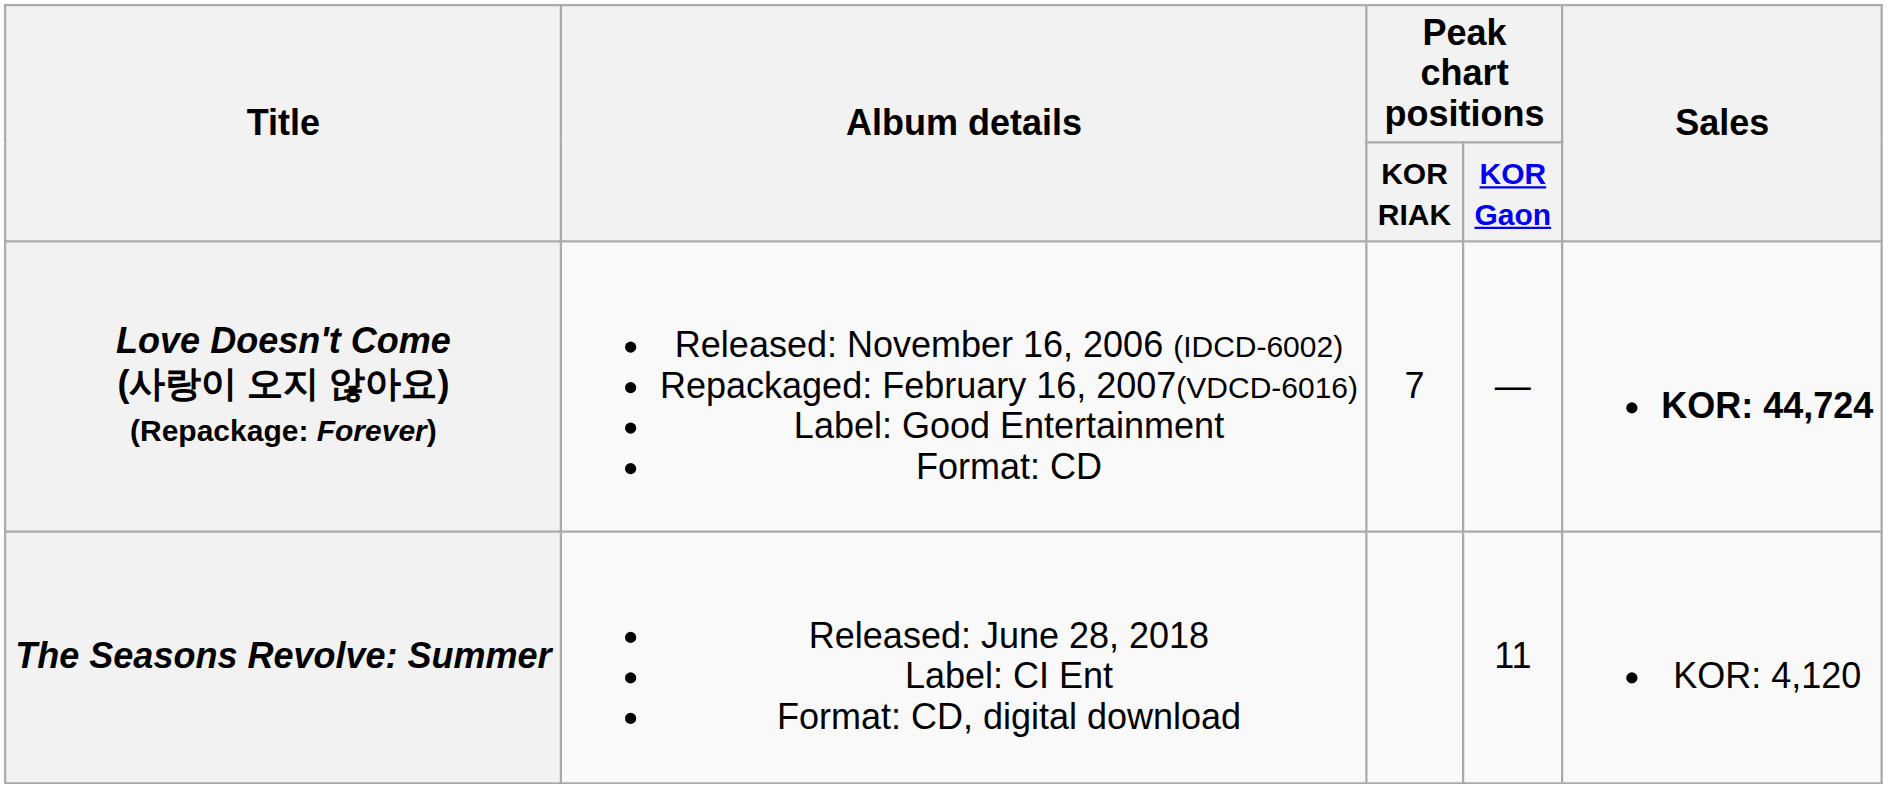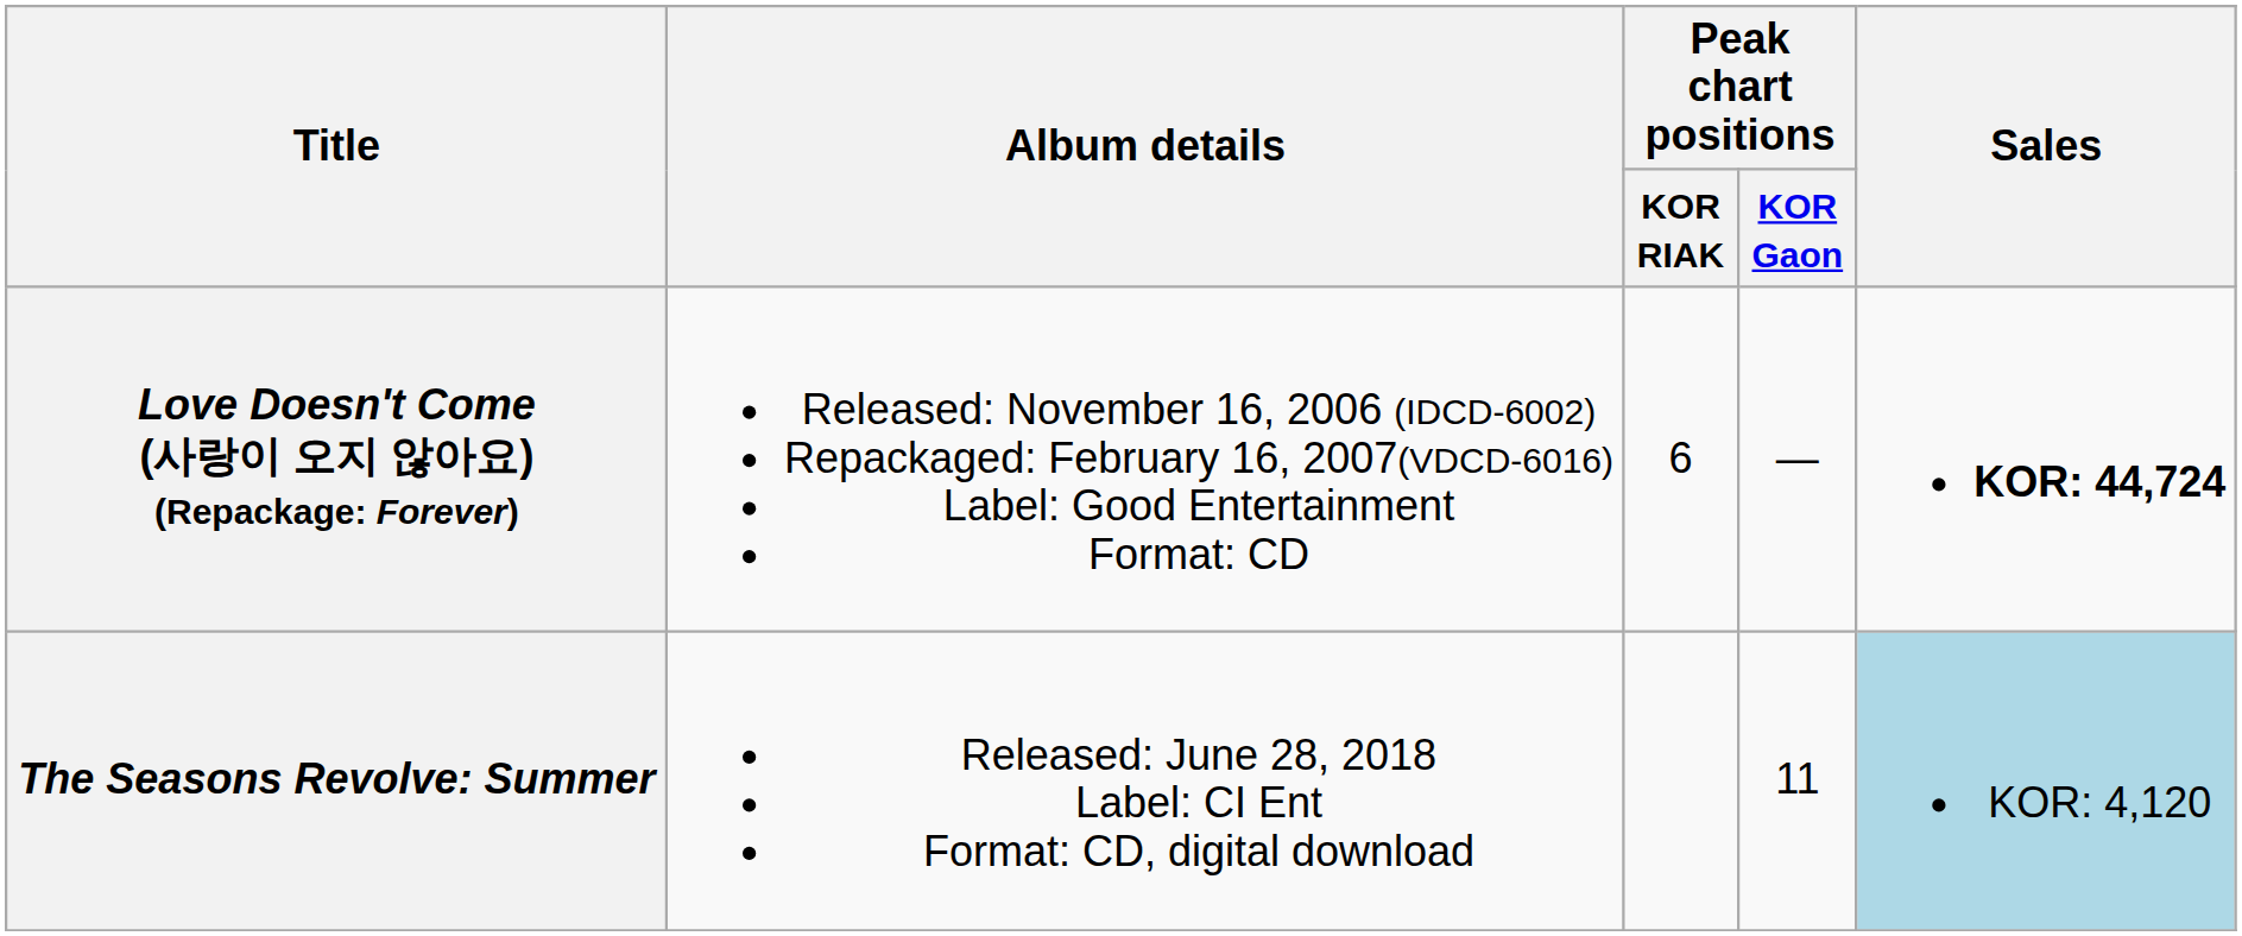 <table class="wikitable plainrowheaders" style="text-align:center;">
 <tr>
 <th scope="col" rowspan="2" style="width:15em;">Title</th>
 <th scope="col" rowspan="2">Album details</th>
 <th colspan="2" scope="col" style="width:5em;">Peak chart positions</th>
 <th scope="col" rowspan="2">Sales</th>
 </tr>
 <tr>
 <th><small>KOR<br>RIAK</small><br></th>
 <th><small><a href='#'>KOR<br>Gaon</a></small><br></th>
 </tr>
 <tr>
 <th scope="row"><em>Love Doesn't Come</em><br>(사랑이 오지 않아요)<br><small>(Repackage: <em>Forever</em>)</small></th>
 <td><br><ul><li>Released: November 16, 2006 <small>(IDCD-6002)</small></li><li>Repackaged: February 16, 2007<small>(VDCD-6016)</small></li><li>Label: Good Entertainment</li><li>Format: CD</li></ul></td>
-<td>7</td>
+<td>6</td>
 <td>—</td>
 <td><strong><br><ul><li>KOR: 44,724</li></ul></strong></td>
 </tr>
 <tr>
 <th scope="row"><em>The Seasons Revolve: Summer</em></th>
 <td><br><ul><li>Released: June 28, 2018</li><li>Label: CI Ent</li><li>Format: CD, digital download</li></ul></td>
 <td></td>
 <td>11</td>
-<td><br><ul><li>KOR: 4,120</li></ul></td>
+<td style="background: lightblue;"><br><ul><li>KOR: 4,120</li></ul></td>
 </tr>
 <tr>
 </tr>
 </table>
